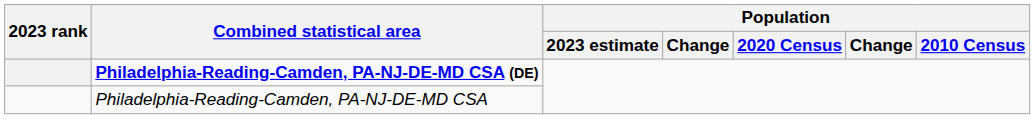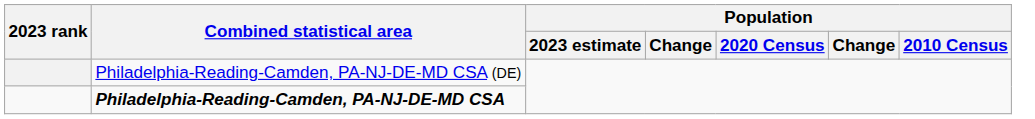 <table class="wikitable sortable">
 <tr>
 <th scope=col rowspan=2>2023 rank</th>
 <th scope=col rowspan=2><a href='#'>Combined statistical area</a></th>
 <th colspan=5>Population</th>
 </tr>
 <tr>
 <th scope=col>2023 estimate</th>
 <th scope=col>Change</th>
 <th scope=col><a href='#'>2020 Census</a></th>
 <th scope=col>Change</th>
 <th scope=col><a href='#'>2010 Census</a></th>
 </tr>
 <tr>
 <th scope=row></th>
-<td><strong><a href='#'>Philadelphia-Reading-Camden, PA-NJ-DE-MD CSA</a> <small>(DE)</small><br></strong></td>
+<td><a href='#'>Philadelphia-Reading-Camden, PA-NJ-DE-MD CSA</a> <small>(DE)</small><br></td>
 </tr>
 <tr>
 <td></td>
-<td><em><span>Philadelphia-Reading-Camden, PA-NJ-DE-MD CSA</span></em><br></td>
+<td><strong><em><span>Philadelphia-Reading-Camden, PA-NJ-DE-MD CSA</span></em><br></strong></td>
 </tr>
 </table>
